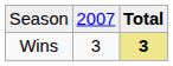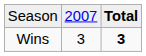 <table class="wikitable">
 <tr bgcolor=efefef>
 <td>Season</td>
 <td><a href='#'>2007</a></td>
 <td><strong>Total</strong></td>
 </tr>
 <tr align=center>
 <td>Wins</td>
 <td>3</td>
-<td style="background: khaki;"><strong>3</strong></td>
+<td><strong>3</strong></td>
 </tr>
 </table>
